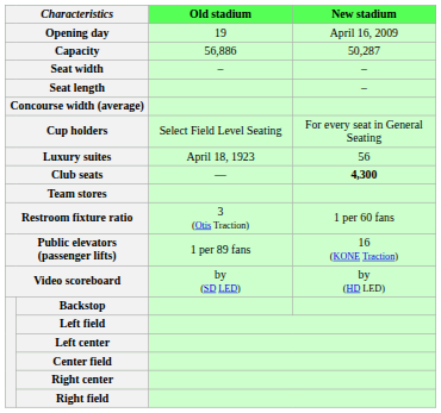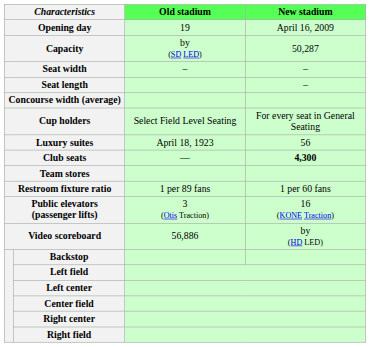 <table class="wikitable" align=center style="margin-left:15px; text-align:center; background:#ccffcc; font-size:100%;">
 <tr>
 <th scope="colgroup" colspan="2" width="30%"><em>Characteristics</em></th>
 <th scope="col" width="30%" style="background:#55ff55;">Old stadium </th>
 <th scope="col" width="30%" style="background:#55ff55;">New stadium</th>
 </tr>
 <tr>
 <th scope="row" colspan="2">Opening day</th>
 <td>19</td>
 <td>April 16, 2009</td>
 </tr>
 <tr>
 <th scope="row" colspan="2">Capacity</th>
-<td>56,886</td>
+<td> by <br><small>(<a href='#'>SD</a> <a href='#'>LED</a>)</small></td>
 <td>50,287</td>
 </tr>
 <tr>
 <th scope="row" colspan="2">Seat width</th>
 <td>–</td>
 <td>–</td>
 </tr>
 <tr>
 <th scope="row" colspan="2">Seat length</th>
 <td></td>
 <td>–</td>
 </tr>
 <tr>
 <th scope="row" colspan="2">Concourse width (average)</th>
 <td></td>
 <td></td>
 </tr>
 <tr>
 <th scope="row" colspan="2">Cup holders</th>
 <td>Select Field Level Seating</td>
 <td>For every seat in General Seating</td>
 </tr>
 <tr>
 <th scope="row" colspan="2">Luxury suites</th>
 <td>April 18, 1923</td>
 <td>56</td>
 </tr>
 <tr>
 <th scope="row" colspan="2">Club seats</th>
 <td>—</td>
 <td><strong>4,300</strong></td>
 </tr>
 <tr>
 <th scope="row" colspan="2">Team stores</th>
 <td></td>
 <td></td>
 </tr>
 <tr>
 <th scope="row" colspan="2">Restroom fixture ratio</th>
-<td>3<br><small>(<a href='#'>Otis</a> Traction)</small></td>
+<td>1 per 89 fans</td>
 <td>1 per 60 fans</td>
 </tr>
 <tr>
 <th scope="row" colspan="2">Public elevators<br>(passenger lifts)</th>
-<td>1 per 89 fans</td>
+<td>3<br><small>(<a href='#'>Otis</a> Traction)</small></td>
 <td>16<br><small>(<a href='#'>KONE</a> <a href='#'>Traction</a>)</small></td>
 </tr>
 <tr>
 <th scope="row" colspan="2">Video scoreboard</th>
-<td> by <br><small>(<a href='#'>SD</a> <a href='#'>LED</a>)</small></td>
+<td>56,886</td>
 <td> by <br><small> (<a href='#'>HD</a> LED)</small></td>
 </tr>
 <tr>
 <th scope="rowgroup" rowspan="6"></th>
 <th scope="row">Backstop</th>
 <td></td>
 <td></td>
 </tr>
 <tr>
 <th scope="row">Left field</th>
 <td colspan="2"></td>
 </tr>
 <tr>
 <th scope="row">Left center</th>
 <td colspan="2"></td>
 </tr>
 <tr>
 <th scope="row">Center field</th>
 <td colspan="2"></td>
 </tr>
 <tr>
 <th scope="row">Right center</th>
 <td colspan="2"></td>
 </tr>
 <tr>
 <th scope="row">Right field</th>
 <td colspan="2"></td>
 </tr>
 </table>
